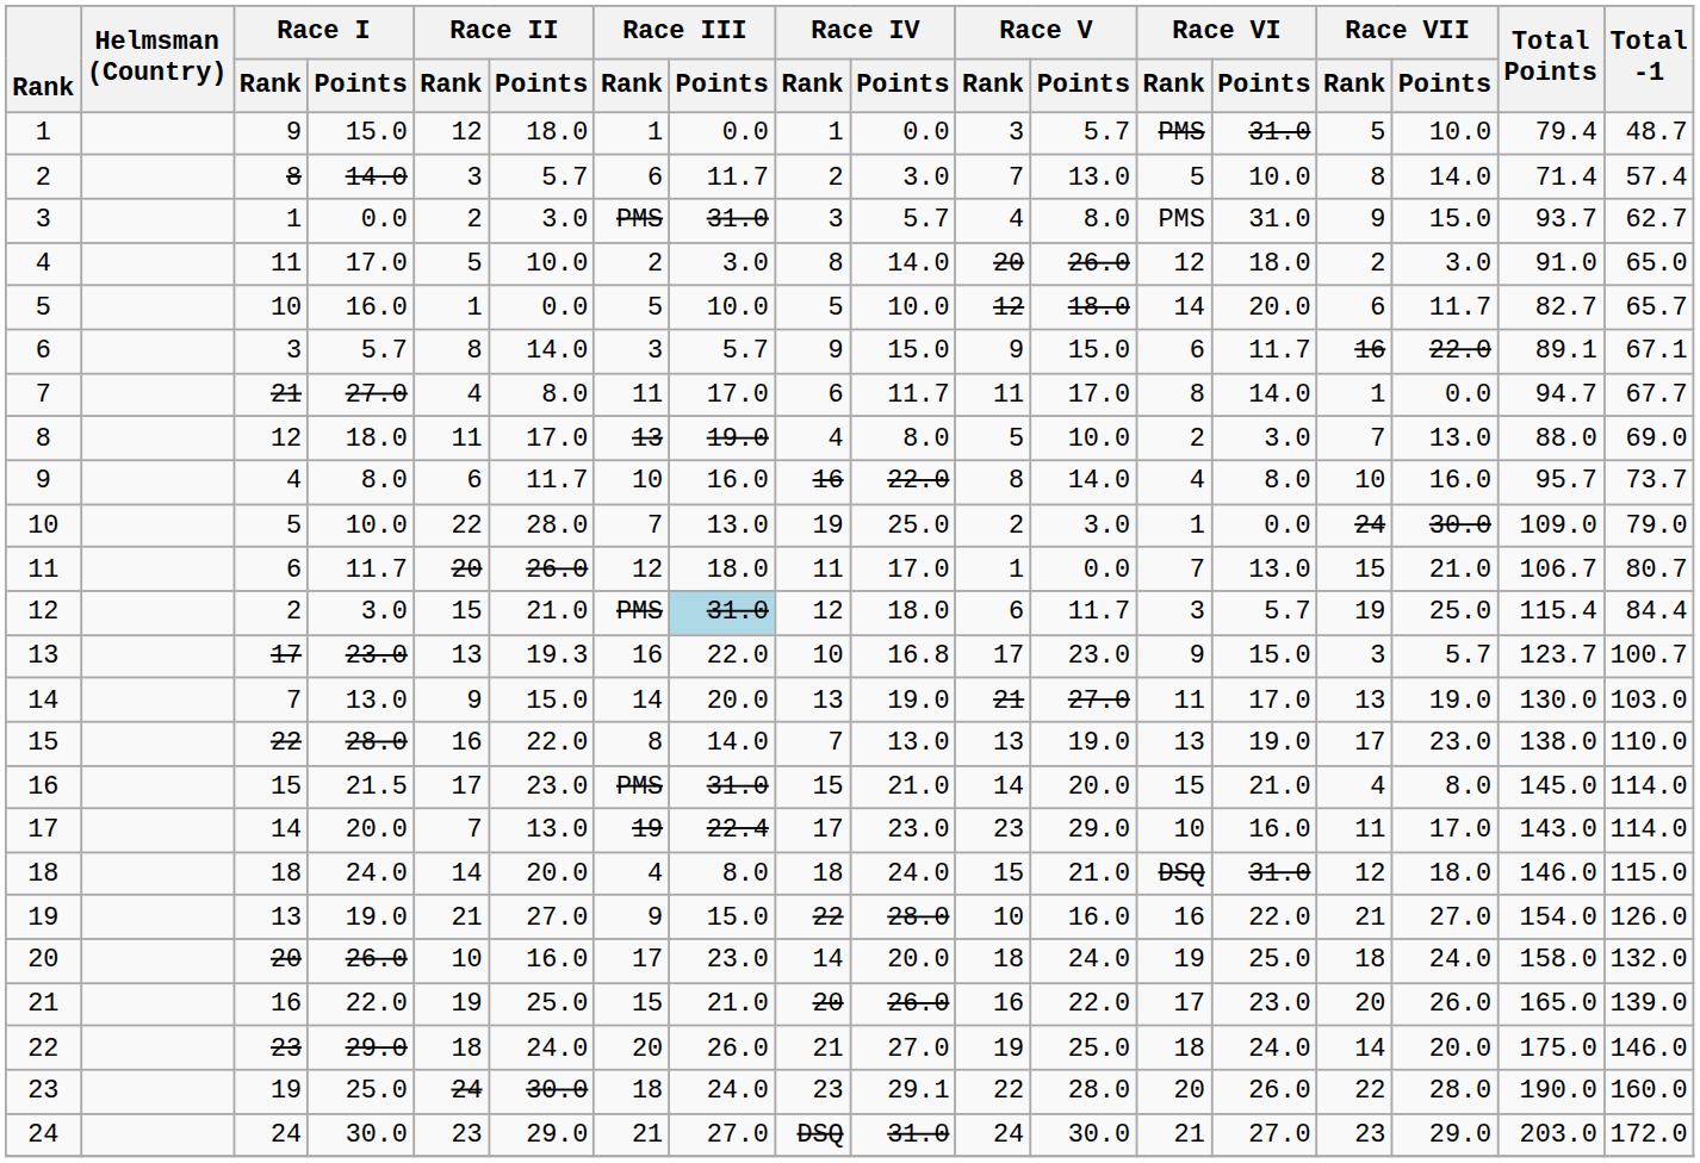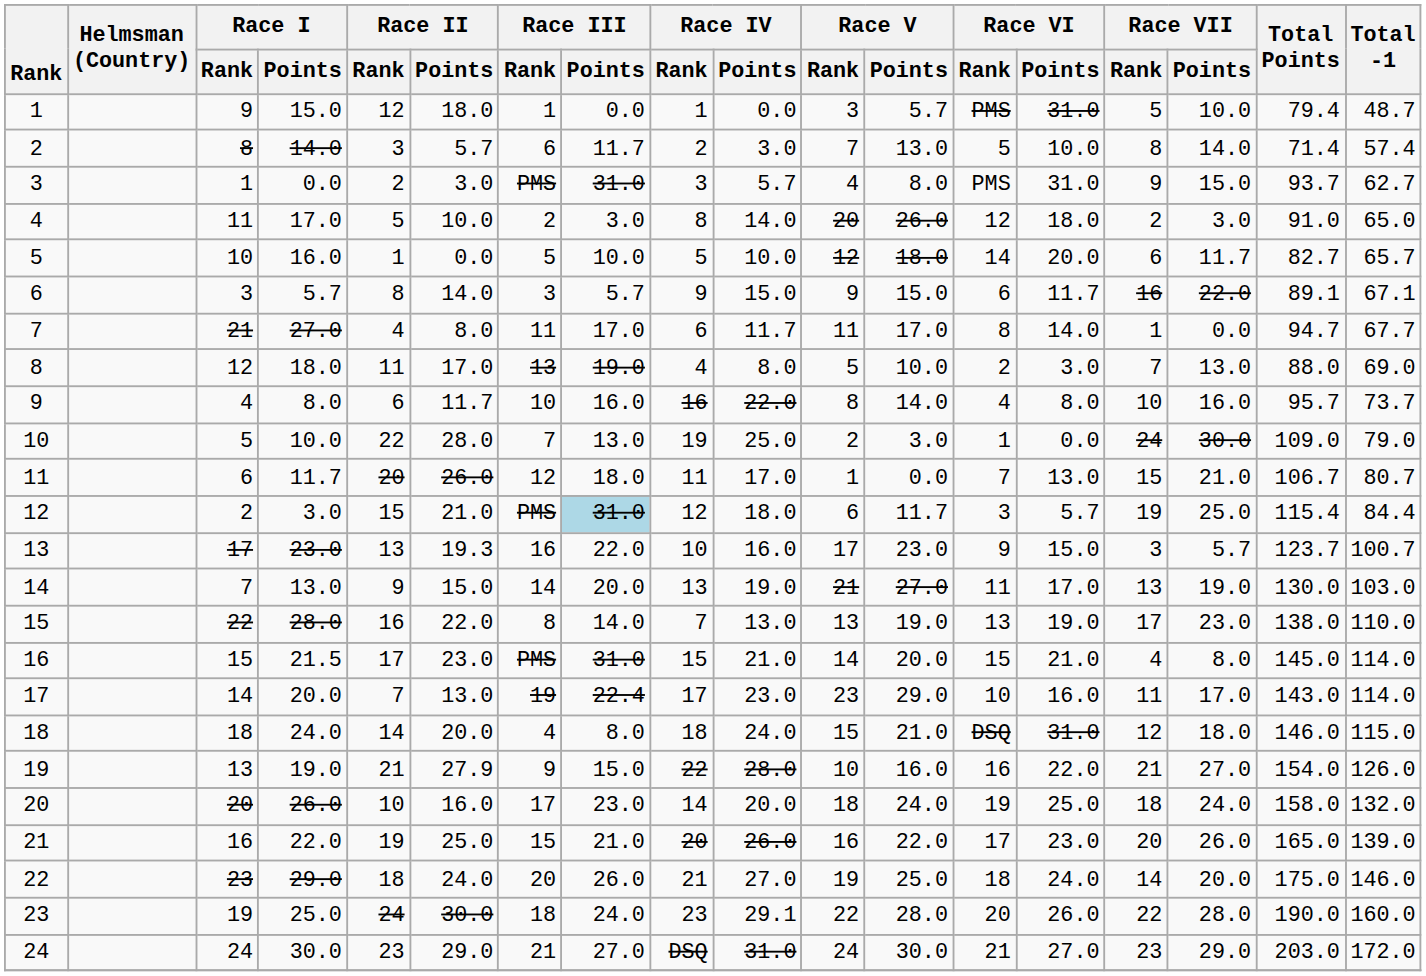 <table class="wikitable" style="text-align:right; font-size:90%">
 <tr>
 <th rowspan="2"> <br> <br>Rank</th>
 <th rowspan="2">Helmsman (Country)</th>
 <th colspan="2">Race I</th>
 <th colspan="2">Race II</th>
 <th colspan="2">Race III</th>
 <th colspan="2">Race IV</th>
 <th colspan="2">Race V</th>
 <th colspan="2">Race VI</th>
 <th colspan="2">Race VII</th>
 <th rowspan="2">Total <br>Points <br> </th>
 <th rowspan="2">Total<br>-1<br> </th>
 </tr>
 <tr>
 <th>Rank</th>
 <th>Points</th>
 <th>Rank</th>
 <th>Points</th>
 <th>Rank</th>
 <th>Points</th>
 <th>Rank</th>
 <th>Points</th>
 <th>Rank</th>
 <th>Points</th>
 <th>Rank</th>
 <th>Points</th>
 <th>Rank</th>
 <th>Points</th>
 </tr>
 <tr style="vertical-align:top;">
 <td align=center>1</td>
 <td align=left></td>
 <td>9</td>
 <td>15.0</td>
 <td>12</td>
 <td>18.0</td>
 <td>1</td>
 <td>0.0</td>
 <td>1</td>
 <td>0.0</td>
 <td>3</td>
 <td>5.7</td>
 <td><s>PMS</s></td>
 <td><s>31.0</s></td>
 <td>5</td>
 <td>10.0</td>
 <td>79.4</td>
 <td>48.7</td>
 </tr>
 <tr>
 <td align=center>2</td>
 <td align=left></td>
 <td><s>8</s></td>
 <td><s>14.0</s></td>
 <td>3</td>
 <td>5.7</td>
 <td>6</td>
 <td>11.7</td>
 <td>2</td>
 <td>3.0</td>
 <td>7</td>
 <td>13.0</td>
 <td>5</td>
 <td>10.0</td>
 <td>8</td>
 <td>14.0</td>
 <td>71.4</td>
 <td>57.4</td>
 </tr>
 <tr>
 <td align=center>3</td>
 <td align=left></td>
 <td>1</td>
 <td>0.0</td>
 <td>2</td>
 <td>3.0</td>
 <td><s>PMS</s></td>
 <td><s>31.0</s></td>
 <td>3</td>
 <td>5.7</td>
 <td>4</td>
 <td>8.0</td>
 <td>PMS</td>
 <td>31.0</td>
 <td>9</td>
 <td>15.0</td>
 <td>93.7</td>
 <td>62.7</td>
 </tr>
 <tr>
 <td align=center>4</td>
 <td align=left></td>
 <td>11</td>
 <td>17.0</td>
 <td>5</td>
 <td>10.0</td>
 <td>2</td>
 <td>3.0</td>
 <td>8</td>
 <td>14.0</td>
 <td><s>20</s></td>
 <td><s>26.0</s></td>
 <td>12</td>
 <td>18.0</td>
 <td>2</td>
 <td>3.0</td>
 <td>91.0</td>
 <td>65.0</td>
 </tr>
 <tr>
 <td align=center>5</td>
 <td align=left></td>
 <td>10</td>
 <td>16.0</td>
 <td>1</td>
 <td>0.0</td>
 <td>5</td>
 <td>10.0</td>
 <td>5</td>
 <td>10.0</td>
 <td><s>12</s></td>
 <td><s>18.0</s></td>
 <td>14</td>
 <td>20.0</td>
 <td>6</td>
 <td>11.7</td>
 <td>82.7</td>
 <td>65.7</td>
 </tr>
 <tr>
 <td align=center>6</td>
 <td align=left></td>
 <td>3</td>
 <td>5.7</td>
 <td>8</td>
 <td>14.0</td>
 <td>3</td>
 <td>5.7</td>
 <td>9</td>
 <td>15.0</td>
 <td>9</td>
 <td>15.0</td>
 <td>6</td>
 <td>11.7</td>
 <td><s>16</s></td>
 <td><s>22.0</s></td>
 <td>89.1</td>
 <td>67.1</td>
 </tr>
 <tr>
 <td align=center>7</td>
 <td align=left></td>
 <td><s>21</s></td>
 <td><s>27.0</s></td>
 <td>4</td>
 <td>8.0</td>
 <td>11</td>
 <td>17.0</td>
 <td>6</td>
 <td>11.7</td>
 <td>11</td>
 <td>17.0</td>
 <td>8</td>
 <td>14.0</td>
 <td>1</td>
 <td>0.0</td>
 <td>94.7</td>
 <td>67.7</td>
 </tr>
 <tr>
 <td align=center>8</td>
 <td align=left></td>
 <td>12</td>
 <td>18.0</td>
 <td>11</td>
 <td>17.0</td>
 <td><s>13</s></td>
 <td><s>19.0</s></td>
 <td>4</td>
 <td>8.0</td>
 <td>5</td>
 <td>10.0</td>
 <td>2</td>
 <td>3.0</td>
 <td>7</td>
 <td>13.0</td>
 <td>88.0</td>
 <td>69.0</td>
 </tr>
 <tr>
 <td align=center>9</td>
 <td align=left></td>
 <td>4</td>
 <td>8.0</td>
 <td>6</td>
 <td>11.7</td>
 <td>10</td>
 <td>16.0</td>
 <td><s>16</s></td>
 <td><s>22.0</s></td>
 <td>8</td>
 <td>14.0</td>
 <td>4</td>
 <td>8.0</td>
 <td>10</td>
 <td>16.0</td>
 <td>95.7</td>
 <td>73.7</td>
 </tr>
 <tr>
 <td align=center>10</td>
 <td align=left></td>
 <td>5</td>
 <td>10.0</td>
 <td>22</td>
 <td>28.0</td>
 <td>7</td>
 <td>13.0</td>
 <td>19</td>
 <td>25.0</td>
 <td>2</td>
 <td>3.0</td>
 <td>1</td>
 <td>0.0</td>
 <td><s>24</s></td>
 <td><s>30.0</s></td>
 <td>109.0</td>
 <td>79.0</td>
 </tr>
 <tr>
 <td align=center>11</td>
 <td align=left></td>
 <td>6</td>
 <td>11.7</td>
 <td><s>20</s></td>
 <td><s>26.0</s></td>
 <td>12</td>
 <td>18.0</td>
 <td>11</td>
 <td>17.0</td>
 <td>1</td>
 <td>0.0</td>
 <td>7</td>
 <td>13.0</td>
 <td>15</td>
 <td>21.0</td>
 <td>106.7</td>
 <td>80.7</td>
 </tr>
 <tr>
 <td align=center>12</td>
 <td align=left></td>
 <td>2</td>
 <td>3.0</td>
 <td>15</td>
 <td>21.0</td>
 <td><s>PMS</s></td>
 <td style="background: lightblue;"><s>31.0</s></td>
 <td>12</td>
 <td>18.0</td>
 <td>6</td>
 <td>11.7</td>
 <td>3</td>
 <td>5.7</td>
 <td>19</td>
 <td>25.0</td>
 <td>115.4</td>
 <td>84.4</td>
 </tr>
 <tr>
 <td align=center>13</td>
 <td align=left></td>
 <td><s>17</s></td>
 <td><s>23.0</s></td>
 <td>13</td>
 <td>19.3</td>
 <td>16</td>
 <td>22.0</td>
 <td>10</td>
-<td>16.8</td>
+<td>16.0</td>
 <td>17</td>
 <td>23.0</td>
 <td>9</td>
 <td>15.0</td>
 <td>3</td>
 <td>5.7</td>
 <td>123.7</td>
 <td>100.7</td>
 </tr>
 <tr>
 <td align=center>14</td>
 <td align=left></td>
 <td>7</td>
 <td>13.0</td>
 <td>9</td>
 <td>15.0</td>
 <td>14</td>
 <td>20.0</td>
 <td>13</td>
 <td>19.0</td>
 <td><s>21</s></td>
 <td><s>27.0</s></td>
 <td>11</td>
 <td>17.0</td>
 <td>13</td>
 <td>19.0</td>
 <td>130.0</td>
 <td>103.0</td>
 </tr>
 <tr>
 <td align=center>15</td>
 <td align=left></td>
 <td><s>22</s></td>
 <td><s>28.0</s></td>
 <td>16</td>
 <td>22.0</td>
 <td>8</td>
 <td>14.0</td>
 <td>7</td>
 <td>13.0</td>
 <td>13</td>
 <td>19.0</td>
 <td>13</td>
 <td>19.0</td>
 <td>17</td>
 <td>23.0</td>
 <td>138.0</td>
 <td>110.0</td>
 </tr>
 <tr>
 <td align=center>16</td>
 <td align=left></td>
 <td>15</td>
 <td>21.5</td>
 <td>17</td>
 <td>23.0</td>
 <td><s>PMS</s></td>
 <td><s>31.0</s></td>
 <td>15</td>
 <td>21.0</td>
 <td>14</td>
 <td>20.0</td>
 <td>15</td>
 <td>21.0</td>
 <td>4</td>
 <td>8.0</td>
 <td>145.0</td>
 <td>114.0</td>
 </tr>
 <tr>
 <td align=center>17</td>
 <td align=left></td>
 <td>14</td>
 <td>20.0</td>
 <td>7</td>
 <td>13.0</td>
 <td><s>19</s></td>
 <td><s>22.4</s></td>
 <td>17</td>
 <td>23.0</td>
 <td>23</td>
 <td>29.0</td>
 <td>10</td>
 <td>16.0</td>
 <td>11</td>
 <td>17.0</td>
 <td>143.0</td>
 <td>114.0</td>
 </tr>
 <tr>
 <td align=center>18</td>
 <td align=left></td>
 <td>18</td>
 <td>24.0</td>
 <td>14</td>
 <td>20.0</td>
 <td>4</td>
 <td>8.0</td>
 <td>18</td>
 <td>24.0</td>
 <td>15</td>
 <td>21.0</td>
 <td><s>DSQ</s></td>
 <td><s>31.0</s></td>
 <td>12</td>
 <td>18.0</td>
 <td>146.0</td>
 <td>115.0</td>
 </tr>
 <tr>
 <td align=center>19</td>
 <td align=left></td>
 <td>13</td>
 <td>19.0</td>
 <td>21</td>
-<td>27.0</td>
+<td>27.9</td>
 <td>9</td>
 <td>15.0</td>
 <td><s>22</s></td>
 <td><s>28.0</s></td>
 <td>10</td>
 <td>16.0</td>
 <td>16</td>
 <td>22.0</td>
 <td>21</td>
 <td>27.0</td>
 <td>154.0</td>
 <td>126.0</td>
 </tr>
 <tr>
 <td align=center>20</td>
 <td align=left></td>
 <td><s>20</s></td>
 <td><s>26.0</s></td>
 <td>10</td>
 <td>16.0</td>
 <td>17</td>
 <td>23.0</td>
 <td>14</td>
 <td>20.0</td>
 <td>18</td>
 <td>24.0</td>
 <td>19</td>
 <td>25.0</td>
 <td>18</td>
 <td>24.0</td>
 <td>158.0</td>
 <td>132.0</td>
 </tr>
 <tr>
 <td align=center>21</td>
 <td align=left></td>
 <td>16</td>
 <td>22.0</td>
 <td>19</td>
 <td>25.0</td>
 <td>15</td>
 <td>21.0</td>
 <td><s>20</s></td>
 <td><s>26.0</s></td>
 <td>16</td>
 <td>22.0</td>
 <td>17</td>
 <td>23.0</td>
 <td>20</td>
 <td>26.0</td>
 <td>165.0</td>
 <td>139.0</td>
 </tr>
 <tr>
 <td align=center>22</td>
 <td align=left></td>
 <td><s>23</s></td>
 <td><s>29.0</s></td>
 <td>18</td>
 <td>24.0</td>
 <td>20</td>
 <td>26.0</td>
 <td>21</td>
 <td>27.0</td>
 <td>19</td>
 <td>25.0</td>
 <td>18</td>
 <td>24.0</td>
 <td>14</td>
 <td>20.0</td>
 <td>175.0</td>
 <td>146.0</td>
 </tr>
 <tr>
 <td align=center>23</td>
 <td align=left></td>
 <td>19</td>
 <td>25.0</td>
 <td><s>24</s></td>
 <td><s>30.0</s></td>
 <td>18</td>
 <td>24.0</td>
 <td>23</td>
 <td>29.1</td>
 <td>22</td>
 <td>28.0</td>
 <td>20</td>
 <td>26.0</td>
 <td>22</td>
 <td>28.0</td>
 <td>190.0</td>
 <td>160.0</td>
 </tr>
 <tr>
 <td align=center>24</td>
 <td align=left></td>
 <td>24</td>
 <td>30.0</td>
 <td>23</td>
 <td>29.0</td>
 <td>21</td>
 <td>27.0</td>
 <td><s>DSQ</s></td>
 <td><s>31.0</s></td>
 <td>24</td>
 <td>30.0</td>
 <td>21</td>
 <td>27.0</td>
 <td>23</td>
 <td>29.0</td>
 <td>203.0</td>
 <td>172.0</td>
 </tr>
 <tr>
 </tr>
 </table>
